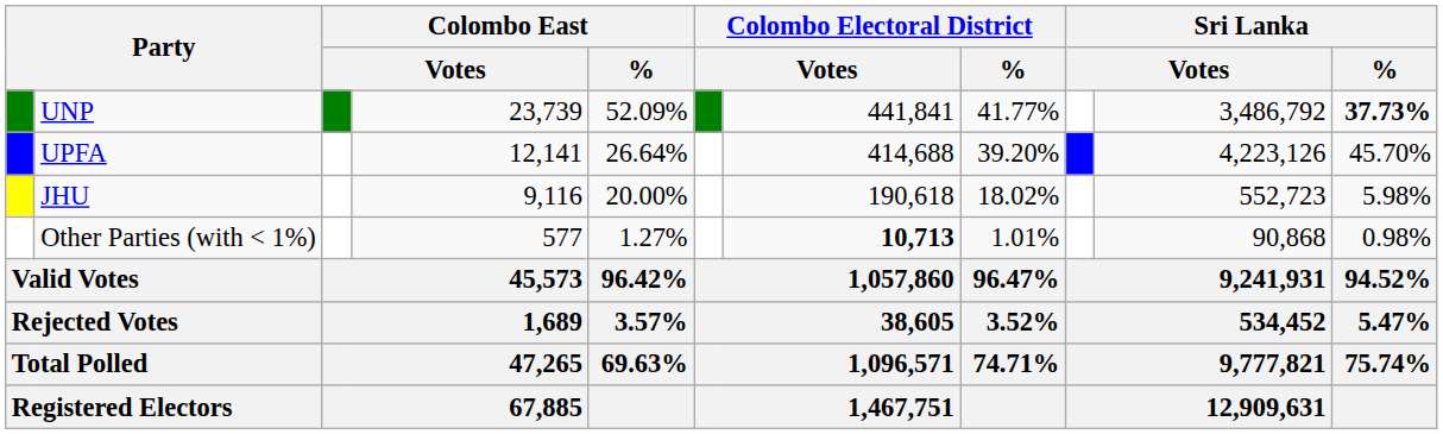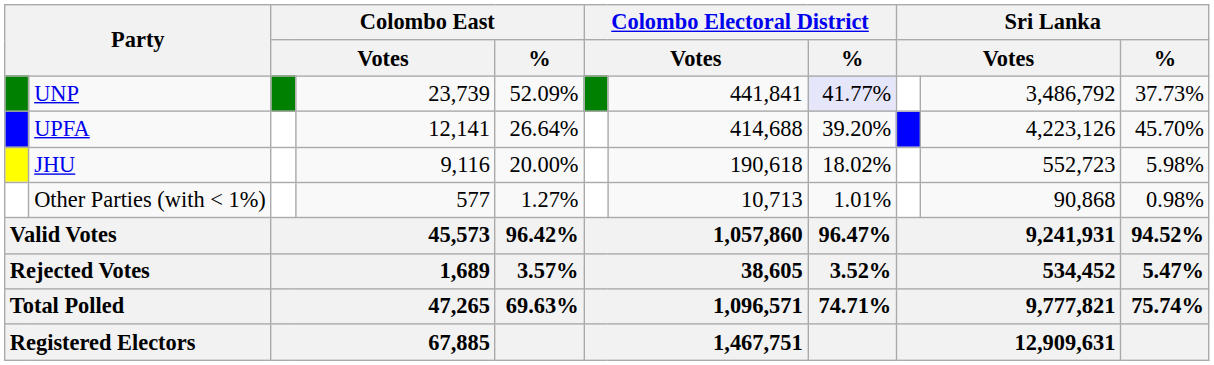 <table class="wikitable">
 <tr>
 <th colspan="2" width="144px"rowspan="2">Party</th>
 <th colspan="3" width="216px">Colombo East</th>
 <th colspan="3" width="216px"><a href='#'>Colombo Electoral District</a></th>
 <th colspan="3" width="216px">Sri Lanka</th>
 </tr>
 <tr>
 <th colspan="2" width="144px">Votes</th>
 <th>%</th>
 <th colspan="2" width="144px">Votes</th>
 <th>%</th>
 <th colspan="2" width="144px">Votes</th>
 <th>%</th>
 </tr>
 <tr>
 <td style="background-color:green;" width="10px"></td>
 <td style="text-align:left;"><a href='#'>UNP</a></td>
 <td style="background-color:green;" width="10px"></td>
 <td style="text-align:right;">23,739</td>
 <td style="text-align:right;">52.09%</td>
 <td style="background-color:green;" width="10px"></td>
 <td style="text-align:right;">441,841</td>
-<td style="text-align:right;">41.77%</td>
+<td style="background: lavender; text-align:right;">41.77%</td>
 <td style="background-color:white;" width="10px"></td>
 <td style="text-align:right;">3,486,792</td>
-<td style="text-align:right;"><strong>37.73%</strong></td>
+<td style="text-align:right;">37.73%</td>
 </tr>
 <tr>
 <td style="background-color:blue;" width="10px"></td>
 <td style="text-align:left;"><a href='#'>UPFA</a></td>
 <td style="background-color:white;" width="10px"></td>
 <td style="text-align:right;">12,141</td>
 <td style="text-align:right;">26.64%</td>
 <td style="background-color:white;" width="10px"></td>
 <td style="text-align:right;">414,688</td>
 <td style="text-align:right;">39.20%</td>
 <td style="background-color:blue;" width="10px"></td>
 <td style="text-align:right;">4,223,126</td>
 <td style="text-align:right;">45.70%</td>
 </tr>
 <tr>
 <td style="background-color:yellow;" width="10px"></td>
 <td style="text-align:left;"><a href='#'>JHU</a></td>
 <td style="background-color:white;" width="10px"></td>
 <td style="text-align:right;">9,116</td>
 <td style="text-align:right;">20.00%</td>
 <td style="background-color:white;" width="10px"></td>
 <td style="text-align:right;">190,618</td>
 <td style="text-align:right;">18.02%</td>
 <td style="background-color:white;" width="10px"></td>
 <td style="text-align:right;">552,723</td>
 <td style="text-align:right;">5.98%</td>
 </tr>
 <tr>
 <td style="background-color:white;" width="10px"></td>
 <td style="text-align:left;">Other Parties (with < 1%)</td>
 <td style="background-color:white;" width="10px"></td>
 <td style="text-align:right;">577</td>
 <td style="text-align:right;">1.27%</td>
 <td style="background-color:white;" width="10px"></td>
-<td style="text-align:right;"><strong>10,713</strong></td>
+<td style="text-align:right;">10,713</td>
 <td style="text-align:right;">1.01%</td>
 <td style="background-color:white;" width="10px"></td>
 <td style="text-align:right;">90,868</td>
 <td style="text-align:right;">0.98%</td>
 </tr>
 <tr>
 <th colspan="2" width="144px"style="text-align:left;">Valid Votes</th>
 <th style="text-align:right;"colspan="2" width="144px">45,573</th>
 <th style="text-align:right;">96.42%</th>
 <th style="text-align:right;"colspan="2" width="144px">1,057,860</th>
 <th style="text-align:right;">96.47%</th>
 <th style="text-align:right;"colspan="2" width="144px">9,241,931</th>
 <th style="text-align:right;">94.52%</th>
 </tr>
 <tr>
 <th colspan="2" width="144px"style="text-align:left;">Rejected Votes</th>
 <th style="text-align:right;"colspan="2" width="144px">1,689</th>
 <th style="text-align:right;">3.57%</th>
 <th style="text-align:right;"colspan="2" width="144px">38,605</th>
 <th style="text-align:right;">3.52%</th>
 <th style="text-align:right;"colspan="2" width="144px">534,452</th>
 <th style="text-align:right;">5.47%</th>
 </tr>
 <tr>
 <th colspan="2" width="144px"style="text-align:left;">Total Polled</th>
 <th style="text-align:right;"colspan="2" width="144px">47,265</th>
 <th style="text-align:right;">69.63%</th>
 <th style="text-align:right;"colspan="2" width="144px">1,096,571</th>
 <th style="text-align:right;">74.71%</th>
 <th style="text-align:right;"colspan="2" width="144px">9,777,821</th>
 <th style="text-align:right;">75.74%</th>
 </tr>
 <tr>
 <th colspan="2" width="144px"style="text-align:left;">Registered Electors</th>
 <th style="text-align:right;"colspan="2" width="144px">67,885</th>
 <th></th>
 <th style="text-align:right;"colspan="2" width="144px">1,467,751</th>
 <th></th>
 <th style="text-align:right;"colspan="2" width="144px">12,909,631</th>
 <th></th>
 </tr>
 </table>
